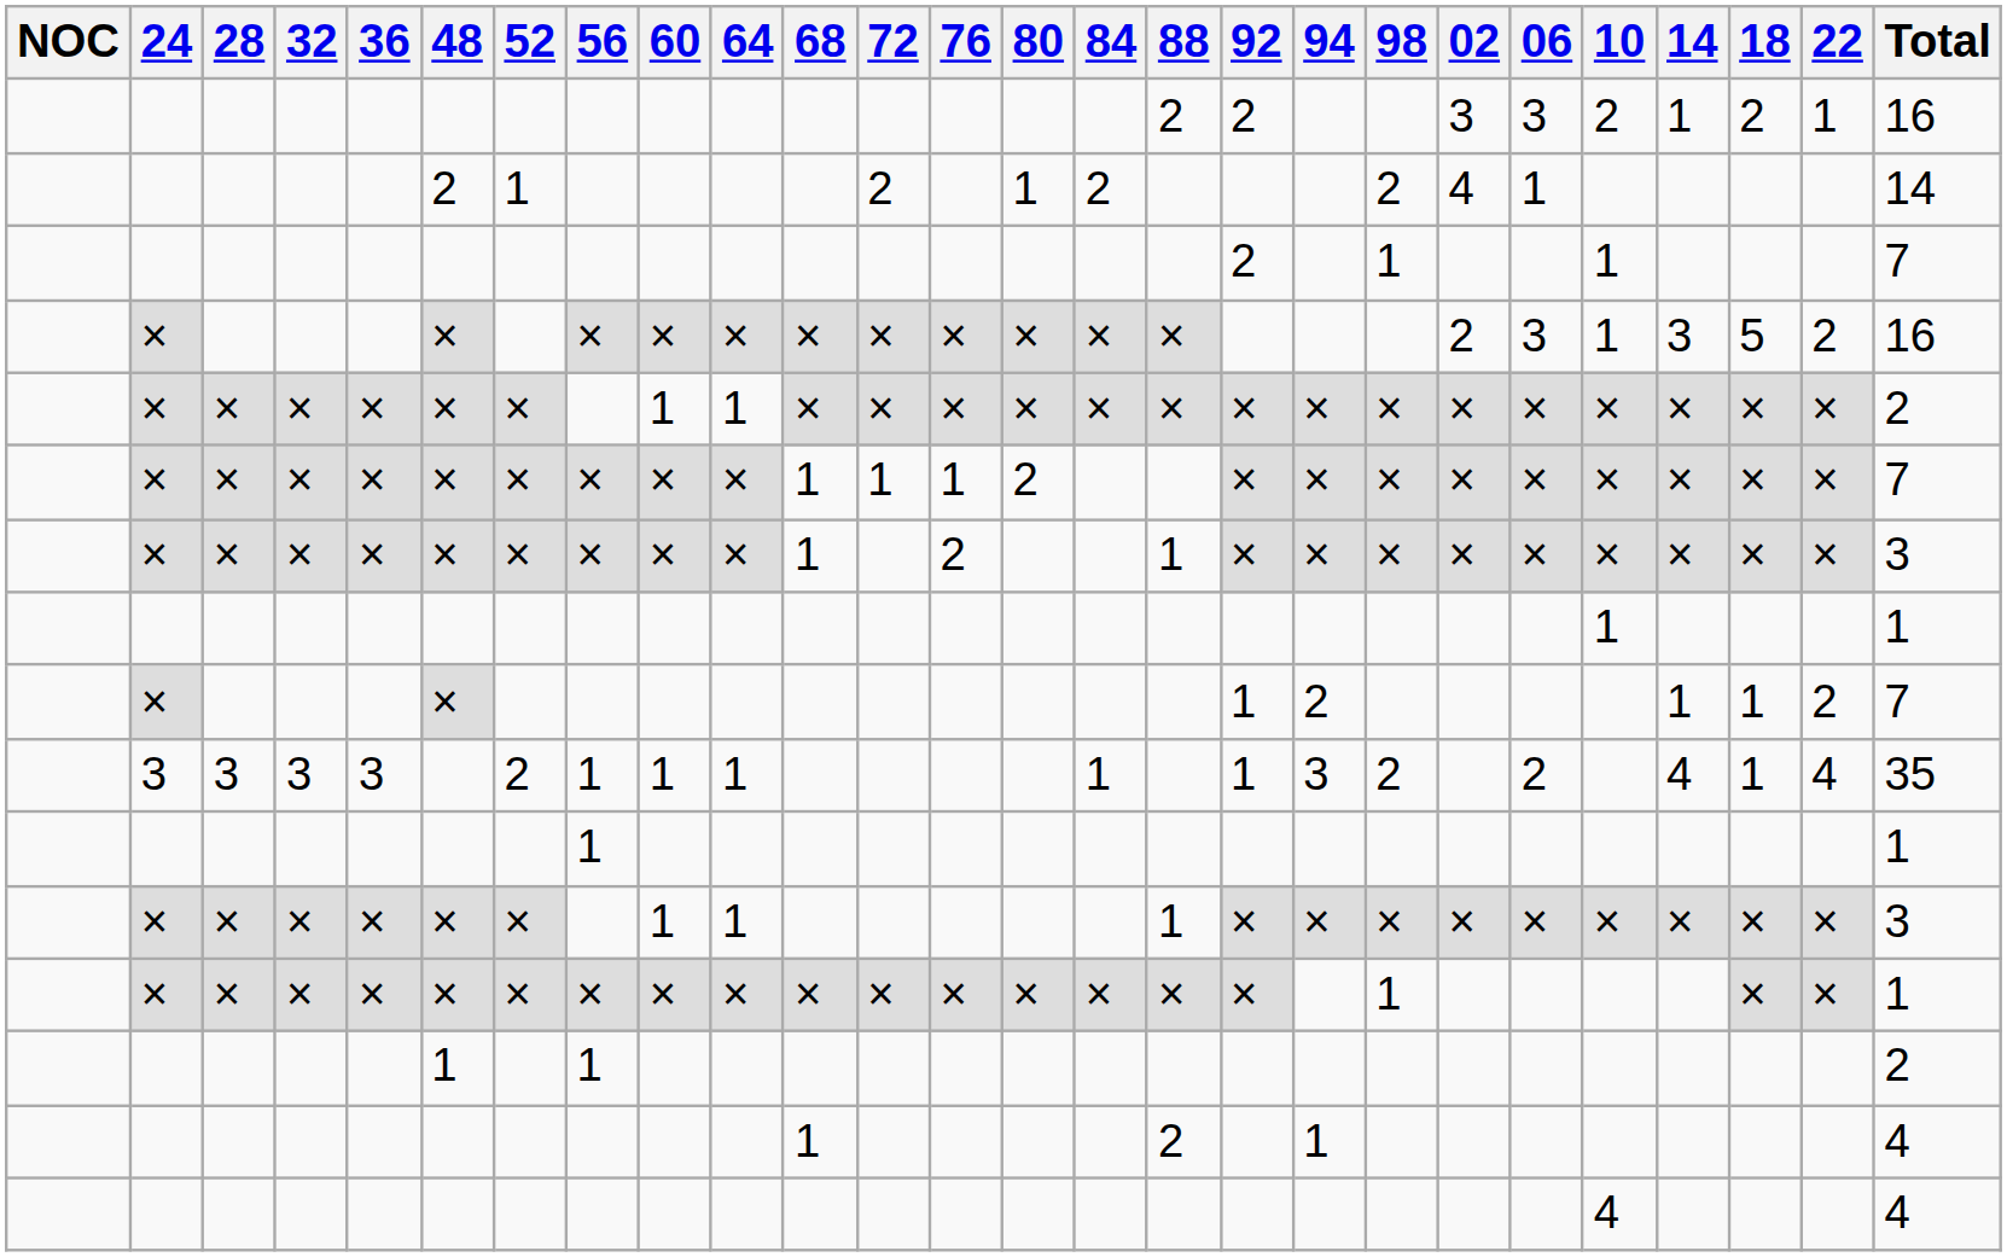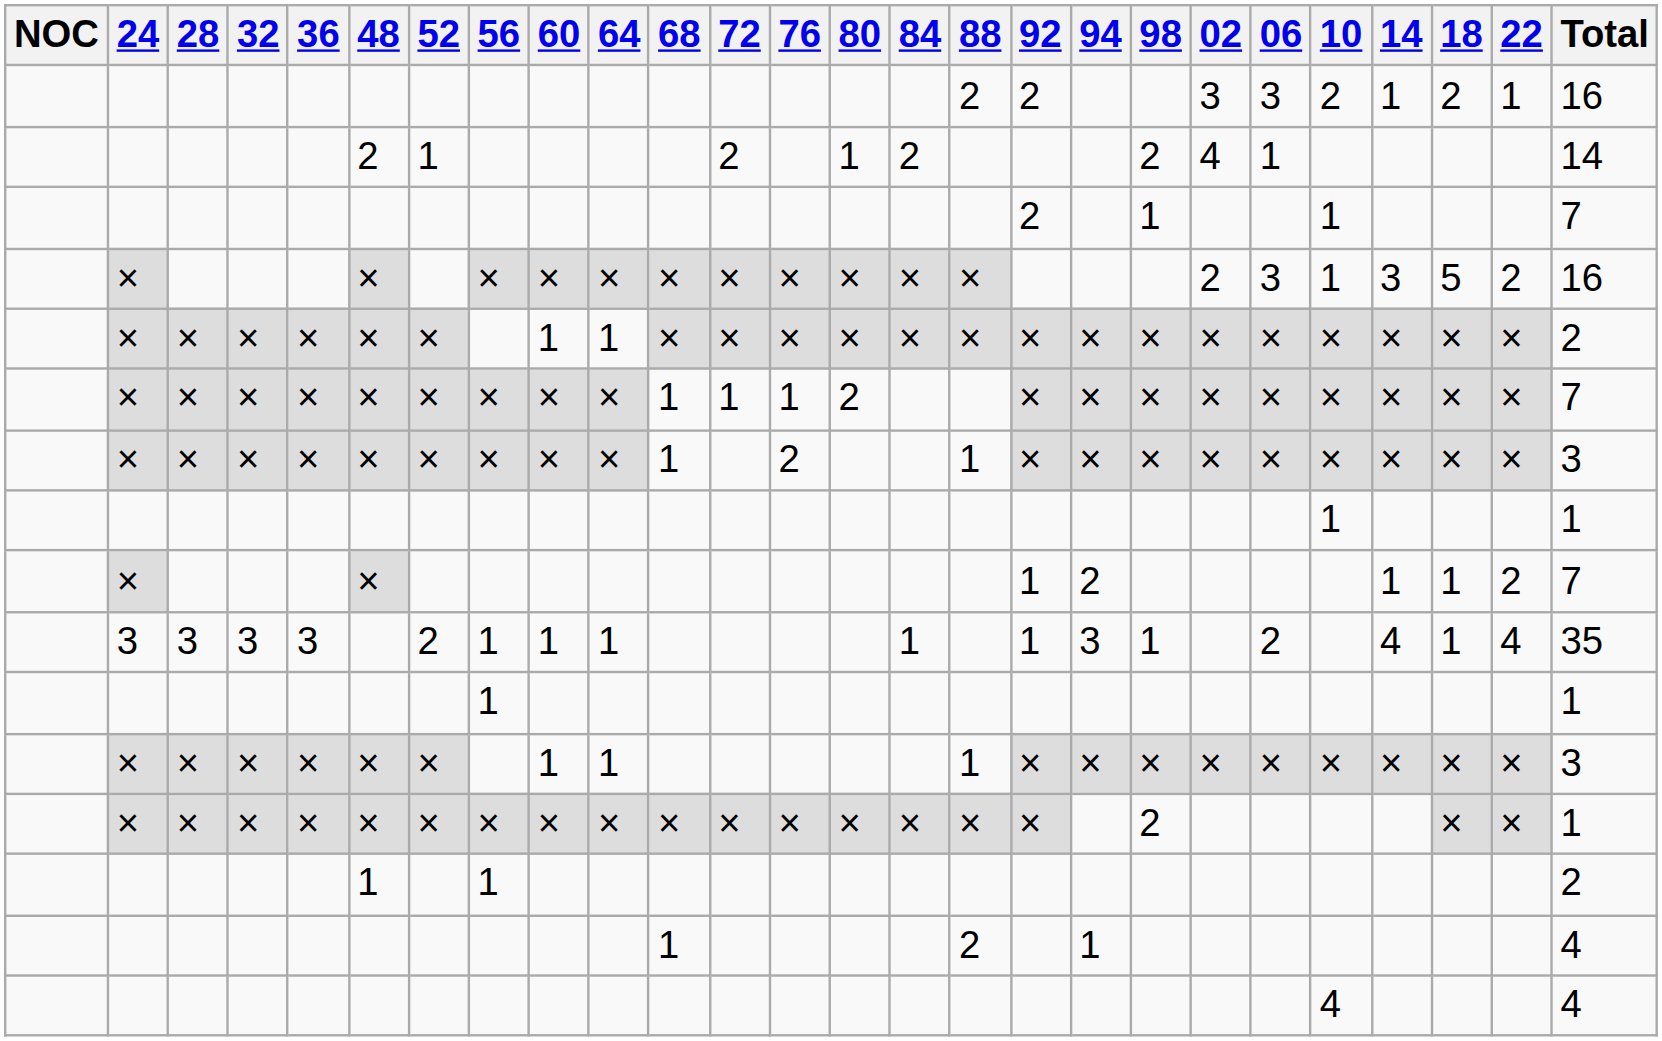 <table class=wikitable collapsible autocollapse plainrowheaders>
 <tr>
 <th>NOC</th>
 <th><a href='#'>24</a></th>
 <th><a href='#'>28</a></th>
 <th><a href='#'>32</a></th>
 <th><a href='#'>36</a></th>
 <th><a href='#'>48</a></th>
 <th><a href='#'>52</a></th>
 <th><a href='#'>56</a></th>
 <th><a href='#'>60</a></th>
 <th><a href='#'>64</a></th>
 <th><a href='#'>68</a></th>
 <th><a href='#'>72</a></th>
 <th><a href='#'>76</a></th>
 <th><a href='#'>80</a></th>
 <th><a href='#'>84</a></th>
 <th><a href='#'>88</a></th>
 <th><a href='#'>92</a></th>
 <th><a href='#'>94</a></th>
 <th><a href='#'>98</a></th>
 <th><a href='#'>02</a></th>
 <th><a href='#'>06</a></th>
 <th><a href='#'>10</a></th>
 <th><a href='#'>14</a></th>
 <th><a href='#'>18</a></th>
 <th><a href='#'>22</a></th>
 <th>Total</th>
 </tr>
 <tr>
 <td align=left></td>
 <td></td>
 <td></td>
 <td></td>
 <td></td>
 <td></td>
 <td></td>
 <td></td>
 <td></td>
 <td></td>
 <td></td>
 <td></td>
 <td></td>
 <td></td>
 <td></td>
 <td>2</td>
 <td>2</td>
 <td></td>
 <td></td>
 <td>3</td>
 <td>3</td>
 <td>2</td>
 <td>1</td>
 <td>2</td>
 <td>1</td>
 <td>16</td>
 </tr>
 <tr>
 <td align=left></td>
 <td></td>
 <td></td>
 <td></td>
 <td></td>
 <td>2</td>
 <td>1</td>
 <td></td>
 <td></td>
 <td></td>
 <td></td>
 <td>2</td>
 <td></td>
 <td>1</td>
 <td>2</td>
 <td></td>
 <td></td>
 <td></td>
 <td>2</td>
 <td>4</td>
 <td>1</td>
 <td></td>
 <td></td>
 <td></td>
 <td></td>
 <td>14</td>
 </tr>
 <tr>
 <td align=left></td>
 <td></td>
 <td></td>
 <td></td>
 <td></td>
 <td></td>
 <td></td>
 <td></td>
 <td></td>
 <td></td>
 <td></td>
 <td></td>
 <td></td>
 <td></td>
 <td></td>
 <td></td>
 <td>2</td>
 <td></td>
 <td>1</td>
 <td></td>
 <td></td>
 <td>1</td>
 <td></td>
 <td></td>
 <td></td>
 <td>7</td>
 </tr>
 <tr>
 <td align=left></td>
 <td style="background:#ddd">×</td>
 <td></td>
 <td></td>
 <td></td>
 <td style="background:#ddd">×</td>
 <td></td>
 <td style="background:#ddd">×</td>
 <td style="background:#ddd">×</td>
 <td style="background:#ddd">×</td>
 <td style="background:#ddd">×</td>
 <td style="background:#ddd">×</td>
 <td style="background:#ddd">×</td>
 <td style="background:#ddd">×</td>
 <td style="background:#ddd">×</td>
 <td style="background:#ddd">×</td>
 <td></td>
 <td></td>
 <td></td>
 <td>2</td>
 <td>3</td>
 <td>1</td>
 <td>3</td>
 <td>5</td>
 <td>2</td>
 <td>16</td>
 </tr>
 <tr>
 <td align=left></td>
 <td style="background:#ddd">×</td>
 <td style="background:#ddd">×</td>
 <td style="background:#ddd">×</td>
 <td style="background:#ddd">×</td>
 <td style="background:#ddd">×</td>
 <td style="background:#ddd">×</td>
 <td></td>
 <td>1</td>
 <td>1</td>
 <td style="background:#ddd">×</td>
 <td style="background:#ddd">×</td>
 <td style="background:#ddd">×</td>
 <td style="background:#ddd">×</td>
 <td style="background:#ddd">×</td>
 <td style="background:#ddd">×</td>
 <td style="background:#ddd">×</td>
 <td style="background:#ddd">×</td>
 <td style="background:#ddd">×</td>
 <td style="background:#ddd">×</td>
 <td style="background:#ddd">×</td>
 <td style="background:#ddd">×</td>
 <td style="background:#ddd">×</td>
 <td style="background:#ddd">×</td>
 <td style="background:#ddd">×</td>
 <td>2</td>
 </tr>
 <tr>
 <td align=left></td>
 <td style="background:#ddd">×</td>
 <td style="background:#ddd">×</td>
 <td style="background:#ddd">×</td>
 <td style="background:#ddd">×</td>
 <td style="background:#ddd">×</td>
 <td style="background:#ddd">×</td>
 <td style="background:#ddd">×</td>
 <td style="background:#ddd">×</td>
 <td style="background:#ddd">×</td>
 <td>1</td>
 <td>1</td>
 <td>1</td>
 <td>2</td>
 <td></td>
 <td></td>
 <td style="background:#ddd">×</td>
 <td style="background:#ddd">×</td>
 <td style="background:#ddd">×</td>
 <td style="background:#ddd">×</td>
 <td style="background:#ddd">×</td>
 <td style="background:#ddd">×</td>
 <td style="background:#ddd">×</td>
 <td style="background:#ddd">×</td>
 <td style="background:#ddd">×</td>
 <td>7</td>
 </tr>
 <tr>
 <td align=left></td>
 <td style="background:#ddd">×</td>
 <td style="background:#ddd">×</td>
 <td style="background:#ddd">×</td>
 <td style="background:#ddd">×</td>
 <td style="background:#ddd">×</td>
 <td style="background:#ddd">×</td>
 <td style="background:#ddd">×</td>
 <td style="background:#ddd">×</td>
 <td style="background:#ddd">×</td>
 <td>1</td>
 <td></td>
 <td>2</td>
 <td></td>
 <td></td>
 <td>1</td>
 <td style="background:#ddd">×</td>
 <td style="background:#ddd">×</td>
 <td style="background:#ddd">×</td>
 <td style="background:#ddd">×</td>
 <td style="background:#ddd">×</td>
 <td style="background:#ddd">×</td>
 <td style="background:#ddd">×</td>
 <td style="background:#ddd">×</td>
 <td style="background:#ddd">×</td>
 <td>3</td>
 </tr>
 <tr>
 <td align=left></td>
 <td></td>
 <td></td>
 <td></td>
 <td></td>
 <td></td>
 <td></td>
 <td></td>
 <td></td>
 <td></td>
 <td></td>
 <td></td>
 <td></td>
 <td></td>
 <td></td>
 <td></td>
 <td></td>
 <td></td>
 <td></td>
 <td></td>
 <td></td>
 <td>1</td>
 <td></td>
 <td></td>
 <td></td>
 <td>1</td>
 </tr>
 <tr>
 <td align=left></td>
 <td style="background:#ddd">×</td>
 <td></td>
 <td></td>
 <td></td>
 <td style="background:#ddd">×</td>
 <td></td>
 <td></td>
 <td></td>
 <td></td>
 <td></td>
 <td></td>
 <td></td>
 <td></td>
 <td></td>
 <td></td>
 <td>1</td>
 <td>2</td>
 <td></td>
 <td></td>
 <td></td>
 <td></td>
 <td>1</td>
 <td>1</td>
 <td>2</td>
 <td>7</td>
 </tr>
 <tr>
 <td align=left></td>
 <td>3</td>
 <td>3</td>
 <td>3</td>
 <td>3</td>
 <td></td>
 <td>2</td>
 <td>1</td>
 <td>1</td>
 <td>1</td>
 <td></td>
 <td></td>
 <td></td>
 <td></td>
 <td>1</td>
 <td></td>
 <td>1</td>
 <td>3</td>
-<td>2</td>
+<td>1</td>
 <td></td>
 <td>2</td>
 <td></td>
 <td>4</td>
 <td>1</td>
 <td>4</td>
 <td>35</td>
 </tr>
 <tr>
 <td align=left></td>
 <td></td>
 <td></td>
 <td></td>
 <td></td>
 <td></td>
 <td></td>
 <td>1</td>
 <td></td>
 <td></td>
 <td></td>
 <td></td>
 <td></td>
 <td></td>
 <td></td>
 <td></td>
 <td></td>
 <td></td>
 <td></td>
 <td></td>
 <td></td>
 <td></td>
 <td></td>
 <td></td>
 <td></td>
 <td>1</td>
 </tr>
 <tr>
 <td align=left></td>
 <td style="background:#ddd">×</td>
 <td style="background:#ddd">×</td>
 <td style="background:#ddd">×</td>
 <td style="background:#ddd">×</td>
 <td style="background:#ddd">×</td>
 <td style="background:#ddd">×</td>
 <td></td>
 <td>1</td>
 <td>1</td>
 <td></td>
 <td></td>
 <td></td>
 <td></td>
 <td></td>
 <td>1</td>
 <td style="background:#ddd">×</td>
 <td style="background:#ddd">×</td>
 <td style="background:#ddd">×</td>
 <td style="background:#ddd">×</td>
 <td style="background:#ddd">×</td>
 <td style="background:#ddd">×</td>
 <td style="background:#ddd">×</td>
 <td style="background:#ddd">×</td>
 <td style="background:#ddd">×</td>
 <td>3</td>
 </tr>
 <tr>
 <td align=left></td>
 <td style="background:#ddd">×</td>
 <td style="background:#ddd">×</td>
 <td style="background:#ddd">×</td>
 <td style="background:#ddd">×</td>
 <td style="background:#ddd">×</td>
 <td style="background:#ddd">×</td>
 <td style="background:#ddd">×</td>
 <td style="background:#ddd">×</td>
 <td style="background:#ddd">×</td>
 <td style="background:#ddd">×</td>
 <td style="background:#ddd">×</td>
 <td style="background:#ddd">×</td>
 <td style="background:#ddd">×</td>
 <td style="background:#ddd">×</td>
 <td style="background:#ddd">×</td>
 <td style="background:#ddd">×</td>
 <td></td>
-<td>1</td>
+<td>2</td>
 <td></td>
 <td></td>
 <td></td>
 <td></td>
 <td style="background:#ddd">×</td>
 <td style="background:#ddd">×</td>
 <td>1</td>
 </tr>
 <tr>
 <td align=left></td>
 <td></td>
 <td></td>
 <td></td>
 <td></td>
 <td>1</td>
 <td></td>
 <td>1</td>
 <td></td>
 <td></td>
 <td></td>
 <td></td>
 <td></td>
 <td></td>
 <td></td>
 <td></td>
 <td></td>
 <td></td>
 <td></td>
 <td></td>
 <td></td>
 <td></td>
 <td></td>
 <td></td>
 <td></td>
 <td>2</td>
 </tr>
 <tr>
 <td align=left></td>
 <td></td>
 <td></td>
 <td></td>
 <td></td>
 <td></td>
 <td></td>
 <td></td>
 <td></td>
 <td></td>
 <td>1</td>
 <td></td>
 <td></td>
 <td></td>
 <td></td>
 <td>2</td>
 <td></td>
 <td>1</td>
 <td></td>
 <td></td>
 <td></td>
 <td></td>
 <td></td>
 <td></td>
 <td></td>
 <td>4</td>
 </tr>
 <tr>
 <td align=left></td>
 <td></td>
 <td></td>
 <td></td>
 <td></td>
 <td></td>
 <td></td>
 <td></td>
 <td></td>
 <td></td>
 <td></td>
 <td></td>
 <td></td>
 <td></td>
 <td></td>
 <td></td>
 <td></td>
 <td></td>
 <td></td>
 <td></td>
 <td></td>
 <td>4</td>
 <td></td>
 <td></td>
 <td></td>
 <td>4</td>
 </tr>
 </table>
